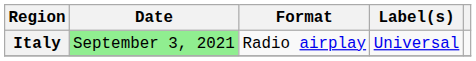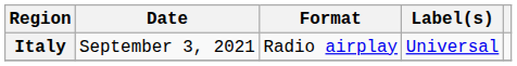 <table class="wikitable plainrowheaders">
 <tr>
 <th scope="col">Region</th>
 <th scope="col">Date</th>
 <th scope="col">Format</th>
 <th scope="col">Label(s)</th>
 <th scope="col"></th>
 </tr>
 <tr>
 <th scope="row">Italy</th>
-<td style="background: lightgreen;">September 3, 2021</td>
+<td>September 3, 2021</td>
 <td>Radio <a href='#'>airplay</a></td>
 <td><a href='#'>Universal</a></td>
 <td align="center"></td>
 </tr>
 <tr>
 </tr>
 </table>
